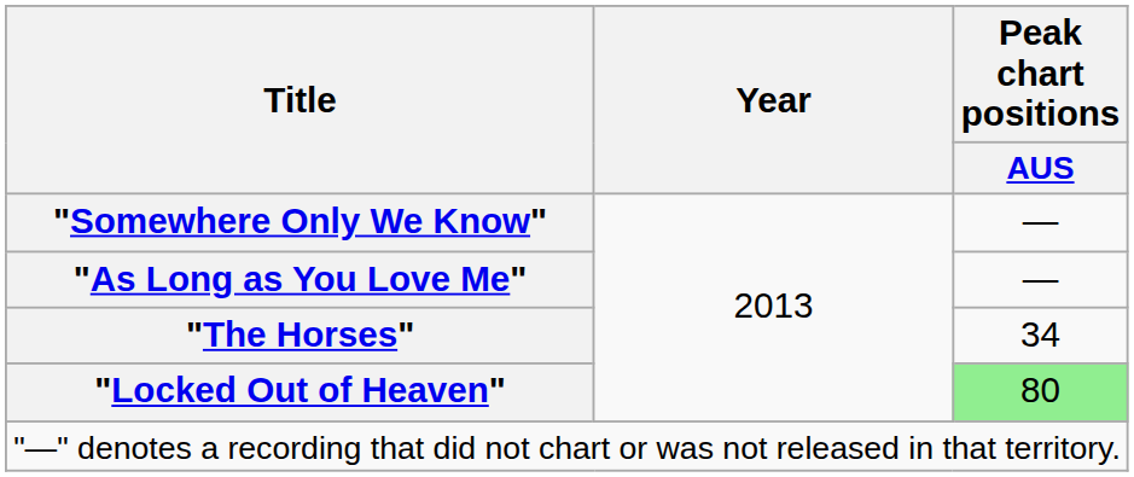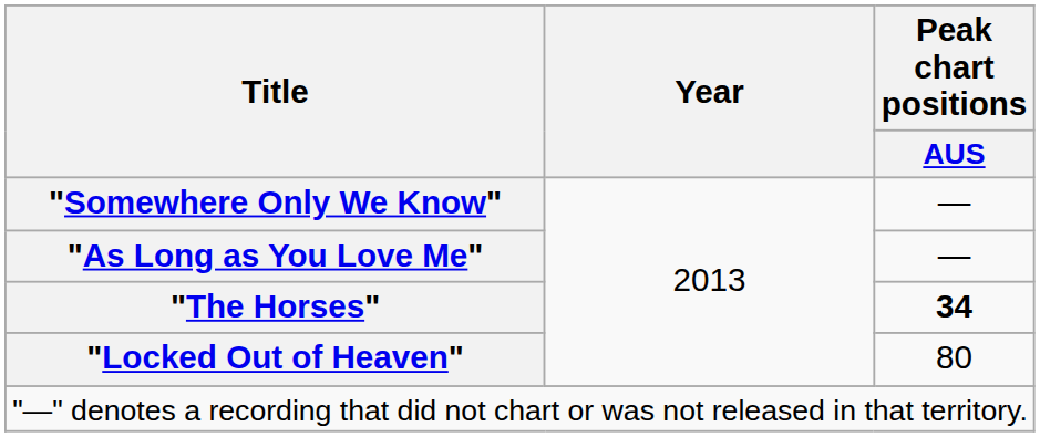 <table class="wikitable plainrowheaders" style="text-align:center;" border="1">
 <tr>
 <th scope="col" rowspan="2" style="width:16em;">Title</th>
 <th scope="col" rowspan="2">Year</th>
 <th scope="col">Peak chart positions</th>
 </tr>
 <tr>
 <th scope="col" style="width:3em;font-size:90%;"><a href='#'>AUS</a><br></th>
 </tr>
 <tr>
 <th scope="row">"<a href='#'>Somewhere Only We Know</a>"</th>
 <td rowspan="4">2013</td>
 <td>—</td>
 </tr>
 <tr>
 <th scope="row">"<a href='#'>As Long as You Love Me</a>"</th>
 <td>—</td>
 </tr>
 <tr>
 <th scope="row">"<a href='#'>The Horses</a>"</th>
-<td>34</td>
+<td><strong>34</strong></td>
 </tr>
 <tr>
 <th scope="row">"<a href='#'>Locked Out of Heaven</a>"</th>
-<td style="background: lightgreen;">80</td>
+<td>80</td>
 </tr>
 <tr>
 <td colspan="4" style="font-size:90%">"—" denotes a recording that did not chart or was not released in that territory.</td>
 </tr>
 </table>
